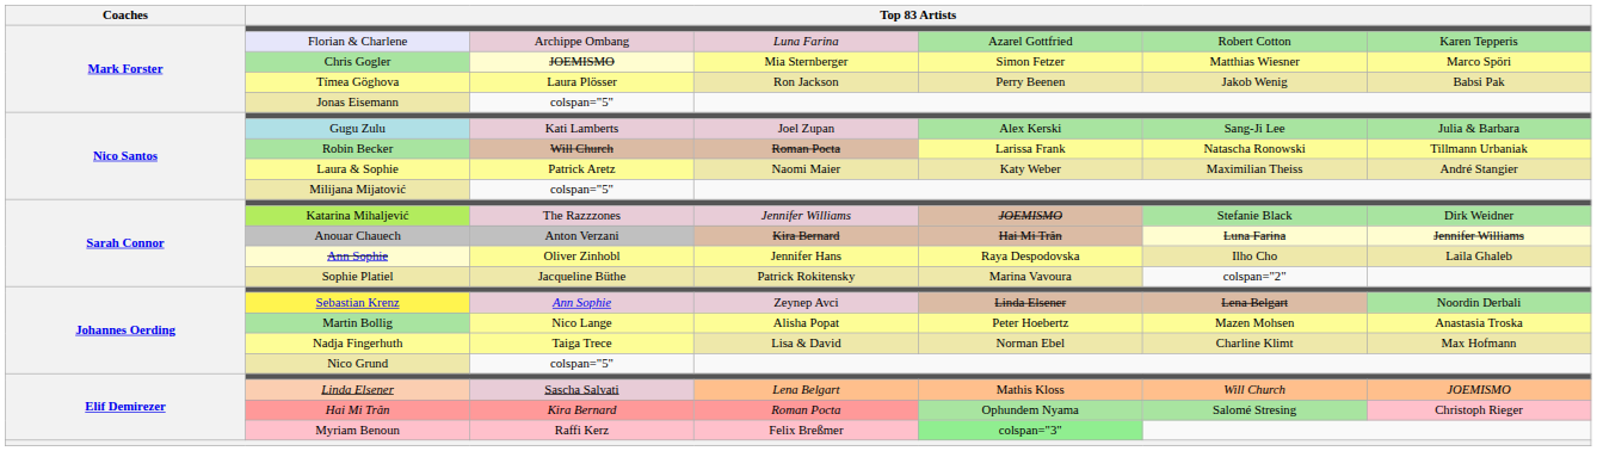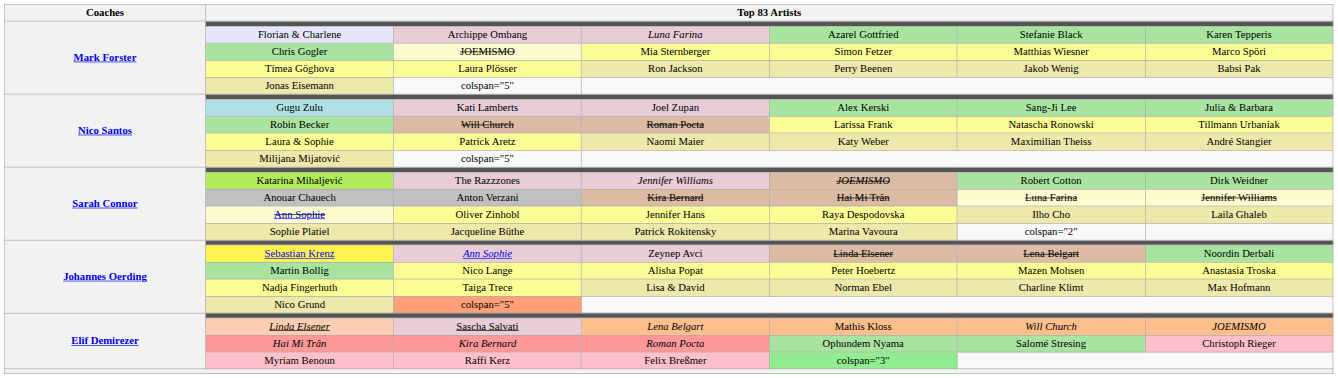 <table class="wikitable" style="text-align:center; width:100%">
 <tr>
 <th scope="col" style="width:15%">Coaches</th>
 <th scope="col" style="width:85%" colspan="6">Top 83 Artists</th>
 </tr>
 <tr>
 <th rowspan="5"><a href='#'>Mark Forster</a></th>
 <td colspan="6" style="background:#555555"></td>
 </tr>
 <tr>
 <td style="width:14%; background:lavender">Florian & Charlene</td>
 <td style="background:#E8CCD7">Archippe Ombang</td>
 <td style="width:14%; background:#E8CCD7"><em>Luna Farina</em></td>
 <td style="background:#A8E4A0">Azarel Gottfried</td>
-<td style="background:#A8E4A0">Robert Cotton</td>
+<td style="width:14%; background:#A8E4A0">Stefanie Black</td>
 <td style="width:14%; background:#A8E4A0">Karen Tepperis</td>
 </tr>
 <tr>
 <td style="background:#A8E4A0">Chris Gogler</td>
 <td style="background:#FFFDD0"><s>JOEMISMO</s></td>
 <td style="background:#FDFD96">Mia Sternberger</td>
 <td style="background:#FDFD96">Simon Fetzer</td>
 <td style="background:#FDFD96">Matthias Wiesner</td>
 <td style="background:#FDFD96">Marco Spöri</td>
 </tr>
 <tr>
 <td style="background:#FDFD96">Tímea Göghova</td>
 <td style="background:#FDFD96">Laura Plösser</td>
 <td style="background:palegoldenrod">Ron Jackson</td>
 <td style="background:palegoldenrod">Perry Beenen</td>
 <td style="background:palegoldenrod">Jakob Wenig</td>
 <td style="background:palegoldenrod">Babsi Pak</td>
 </tr>
 <tr>
 <td style="background:palegoldenrod">Jonas Eisemann</td>
 <td>colspan="5" </td>
 </tr>
 <tr>
 <th rowspan="5"><a href='#'>Nico Santos</a></th>
 <td colspan="6" style="background:#555555"></td>
 </tr>
 <tr>
 <td style="background:#B0E0E6">Gugu Zulu</td>
 <td style="background:#E8CCD7">Kati Lamberts</td>
 <td style="background:#E8CCD7">Joel Zupan</td>
 <td style="width:14%; background:#A8E4A0">Alex Kerski</td>
 <td style="background:#A8E4A0">Sang-Ji Lee</td>
 <td style="background:#A8E4A0">Julia & Barbara</td>
 </tr>
 <tr>
 <td style="background:#A8E4A0">Robin Becker</td>
 <td style="background:#dbbba4;"><s>Will Church</s></td>
 <td style="background:#dbbba4;"><s>Roman Pocta</s></td>
 <td style="background:#FDFD96">Larissa Frank</td>
 <td style="background:#FDFD96">Natascha Ronowski</td>
 <td style="background:#FDFD96">Tillmann Urbaniak</td>
 </tr>
 <tr>
 <td style="background:#FDFD96">Laura & Sophie</td>
 <td style="background:#FDFD96">Patrick Aretz</td>
 <td style="background:palegoldenrod">Naomi Maier</td>
 <td style="background:palegoldenrod">Katy Weber</td>
 <td style="background:palegoldenrod">Maximilian Theiss</td>
 <td style="background:palegoldenrod">André Stangier</td>
 </tr>
 <tr>
 <td style="background:palegoldenrod">Milijana Mijatović</td>
 <td>colspan="5" </td>
 </tr>
 <tr>
 <th rowspan="5"><a href='#'>Sarah Connor</a></th>
 <td colspan="6" style="background:#555555"></td>
 </tr>
 <tr>
 <td style="background:#B2EC5D">Katarina Mihaljević</td>
 <td style="width:14%; background:#E8CCD7">The Razzzones</td>
 <td style="background:#E8CCD7"><em>Jennifer Williams</em></td>
 <td style="background:#dbbba4;"><s><em>JOEMISMO</em></s></td>
-<td style="width:14%; background:#A8E4A0">Stefanie Black</td>
+<td style="background:#A8E4A0">Robert Cotton</td>
 <td style="background:#A8E4A0">Dirk Weidner</td>
 </tr>
 <tr>
 <td style="background:silver">Anouar Chauech</td>
 <td style="background-color:silver;">Anton Verzani</td>
 <td style="background:#dbbba4;"><s>Kira Bernard</s></td>
 <td style="background:#dbbba4;"><s>Hai Mi Trân</s></td>
 <td style="background:#FFFDD0"><s>Luna Farina</s></td>
 <td style="background:#FFFDD0"><s>Jennifer Williams</s></td>
 </tr>
 <tr>
 <td style="background:#FFFDD0"><s><a href='#'>Ann Sophie</a></s></td>
 <td style="background:#FDFD96">Oliver Zinhobl</td>
 <td style="background:#FDFD96">Jennifer Hans</td>
 <td style="background:#FDFD96">Raya Despodovska</td>
 <td style="background:palegoldenrod">Ilho Cho</td>
 <td style="background:palegoldenrod">Laila Ghaleb</td>
 </tr>
 <tr>
 <td style="background:palegoldenrod">Sophie Platiel</td>
 <td style="background:palegoldenrod">Jacqueline Büthe</td>
 <td style="background:palegoldenrod">Patrick Rokitensky</td>
 <td style="background:palegoldenrod">Marina Vavoura</td>
 <td>colspan="2" </td>
 </tr>
 <tr>
 <th rowspan="5"><a href='#'>Johannes Oerding</a></th>
 <td colspan="6" style="background:#555555"></td>
 </tr>
 <tr>
 <td style="background:#FFF44F"><a href='#'>Sebastian Krenz</a></td>
 <td style="background:#E8CCD7"><em><a href='#'>Ann Sophie</a></em></td>
 <td style="background:#E8CCD7">Zeynep Avci</td>
 <td style="background:#dbbba4;"><s>Linda Elsener</s></td>
 <td style="background:#dbbba4;"><s>Lena Belgart</s></td>
 <td style="background:#A8E4A0">Noordin Derbali</td>
 </tr>
 <tr>
 <td style="background:#A8E4A0">Martin Bollig</td>
 <td style="background:#FDFD96">Nico Lange</td>
 <td style="background:#FDFD96">Alisha Popat</td>
 <td style="background:#FDFD96">Peter Hoebertz</td>
 <td style="background:#FDFD96">Mazen Mohsen</td>
 <td style="background:#FDFD96">Anastasia Troska</td>
 </tr>
 <tr>
 <td style="background:#FDFD96">Nadja Fingerhuth</td>
 <td style="background:#FDFD96">Taiga Trece</td>
 <td style="background:palegoldenrod">Lisa & David</td>
 <td style="background:palegoldenrod">Norman Ebel</td>
 <td style="background:palegoldenrod">Charline Klimt</td>
 <td style="background:palegoldenrod">Max Hofmann</td>
 </tr>
 <tr>
 <td style="background:palegoldenrod">Nico Grund</td>
-<td>colspan="5" </td>
+<td style="background: lightsalmon;">colspan="5" </td>
 </tr>
 <tr>
 <th scope="row" rowspan="4"><a href='#'>Elif Demirezer</a></th>
 <td colspan="6" style="background:#555555"></td>
 </tr>
 <tr>
 <td style="background:#FBCEB1"><u><em>Linda Elsener</em></u></td>
 <td style="background:#E8CCD7"><u>Sascha Salvati</u></td>
 <td style="background:#FFBF8C"><em>Lena Belgart</em></td>
 <td style="background:#FFBF8C">Mathis Kloss</td>
 <td style="background:#FFBF8C"><em>Will Church</em></td>
 <td style="background:#FFBF8C"><em>JOEMISMO</em></td>
 </tr>
 <tr>
 <td style="background-color:#FF9999;"><em>Hai Mi Trân</em></td>
 <td style="background-color:#FF9999;"><em>Kira Bernard</em></td>
 <td style="background-color:#FF9999;"><em>Roman Pocta</em></td>
 <td style="background:#A8E4A0">Ophundem Nyama</td>
 <td style="background:#A8E4A0">Salomé Stresing</td>
 <td style="background:pink">Christoph Rieger</td>
 </tr>
 <tr>
 <td style="background:pink">Myriam Benoun</td>
 <td style="background:pink">Raffi Kerz</td>
 <td style="background:pink">Felix Breßmer</td>
 <td style="background: lightgreen;">colspan="3" </td>
 </tr>
 <tr>
 <th style="font-size:90%; line-height:12px" colspan="7"></th>
 </tr>
 </table>
